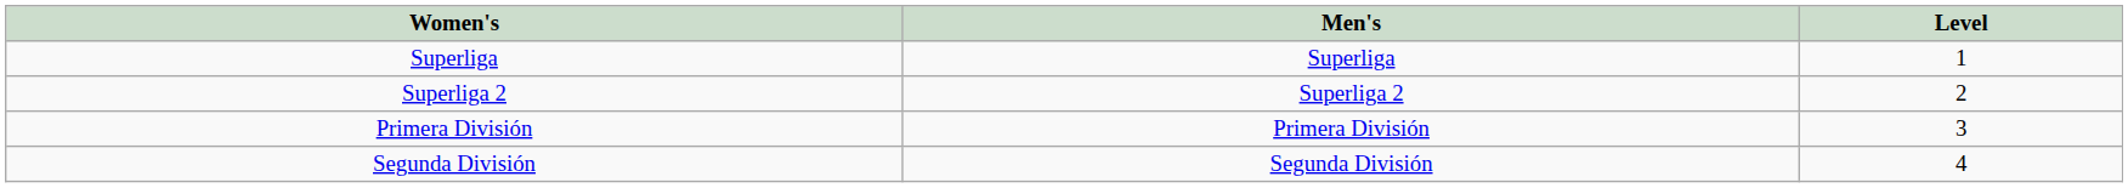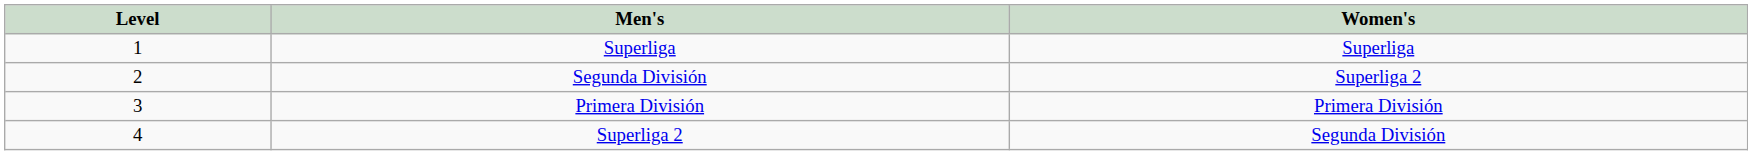 <table class="sortable" border=1 width=100% cellpadding="2" cellspacing="0" style="background: #f9f9f9; border: 1px #aaa solid; border-collapse: collapse; font-size: 85%; text-align: left;">
 <tr align="center" bgcolor=#CCDDCC style="color:black;">
+<th class=unsortable>Level</th>
+<th class=unsortable>Men's</th>
 <th class=unsortable>Women's</th>
-<th class=unsortable>Men's</th>
-<th class=unsortable>Level</th>
 </tr>
 <tr align="center">
+<td>1</td>
 <td align="center"><a href='#'>Superliga</a></td>
 <td align="center"><a href='#'>Superliga</a></td>
-<td>1</td>
 </tr>
 <tr align="center">
+<td>2</td>
+<td align="center"><a href='#'>Segunda División</a></td>
 <td align="center"><a href='#'>Superliga 2</a></td>
-<td align="center"><a href='#'>Superliga 2</a></td>
-<td>2</td>
 </tr>
 <tr align="center">
+<td>3</td>
+<td align="center"><a href='#'>Primera División</a></td>
 <td><a href='#'>Primera División</a></td>
-<td align="center"><a href='#'>Primera División</a></td>
-<td>3</td>
 </tr>
 <tr align="center">
+<td>4</td>
+<td align="center"><a href='#'>Superliga 2</a></td>
 <td><a href='#'>Segunda División</a></td>
-<td align="center"><a href='#'>Segunda División</a></td>
-<td>4</td>
 </tr>
 </table>
